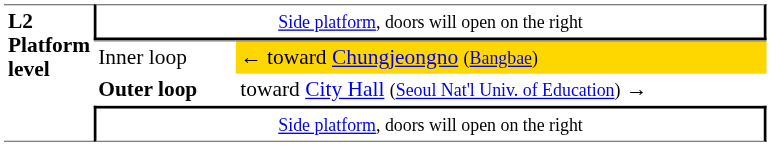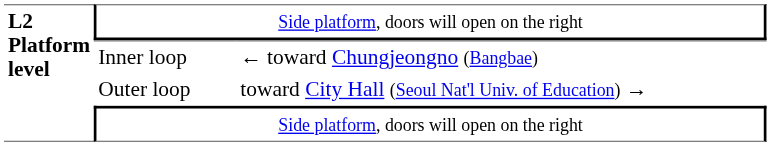 <table table border=0 cellspacing=0 cellpadding=3>
 <tr>
 <td style="border-top:solid 1px gray;border-bottom:solid 1px gray;" width=50 rowspan=10 valign=top><strong>L2<br>Platform level</strong></td>
 <td style="border-top:solid 1px gray;border-right:solid 2px black;border-left:solid 2px black;border-bottom:solid 2px black;text-align:center;" colspan=2><small><a href='#'>Side platform</a>, doors will open on the right </small></td>
 </tr>
 <tr>
 <td style="border-bottom:solid 0px gray;border-top:solid 1px gray;" width=100>Inner loop</td>
-<td style="background: gold; border-bottom:solid 0px gray;border-top:solid 1px gray;" width=390>←  toward <a href='#'>Chungjeongno</a> <small>(<a href='#'>Bangbae</a>)</small></td>
+<td style="border-bottom:solid 0px gray;border-top:solid 1px gray;" width=390>←  toward <a href='#'>Chungjeongno</a> <small>(<a href='#'>Bangbae</a>)</small></td>
 </tr>
 <tr>
-<td><strong>Outer loop</strong></td>
+<td>Outer loop</td>
 <td>  toward <a href='#'>City Hall</a> <small>(<a href='#'>Seoul Nat'l Univ. of Education</a>)</small> →</td>
 </tr>
 <tr>
 <td style="border-top:solid 2px black;border-right:solid 2px black;border-left:solid 2px black;border-bottom:solid 1px gray;text-align:center;" colspan=2><small><a href='#'>Side platform</a>, doors will open on the right </small></td>
 </tr>
 </table>
